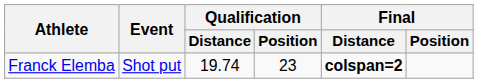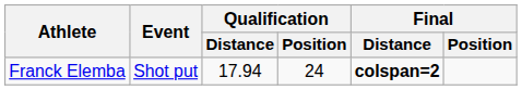 <table class=wikitable style="font-size:90%">
 <tr>
 <th rowspan="2">Athlete</th>
 <th rowspan="2">Event</th>
 <th colspan="2">Qualification</th>
 <th colspan="2">Final</th>
 </tr>
 <tr style="font-size:95%">
 <th>Distance</th>
 <th>Position</th>
 <th>Distance</th>
 <th>Position</th>
 </tr>
 <tr style=text-align:center>
 <td style=text-align:left><a href='#'>Franck Elemba</a></td>
 <td style=text-align:left rowspan=1><a href='#'>Shot put</a></td>
-<td>19.74</td>
-<td>23</td>
+<td>17.94</td>
+<td>24</td>
 <td><strong>colspan=2 </strong></td>
 </tr>
 </table>
